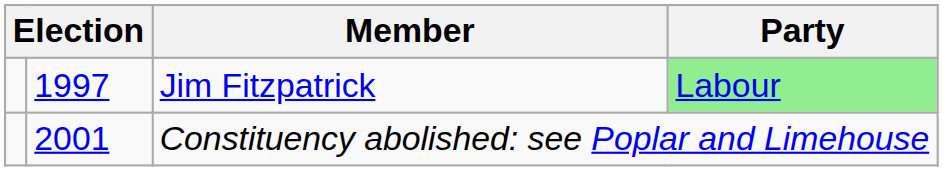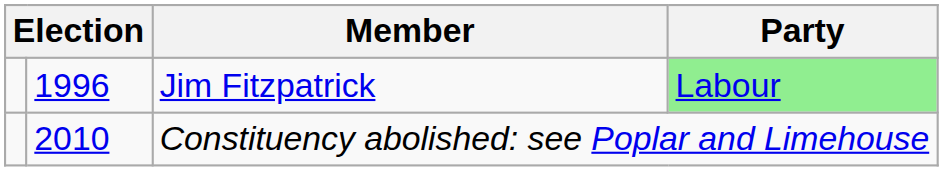 <table class="wikitable">
 <tr>
 <th colspan="2">Election</th>
 <th>Member </th>
 <th>Party</th>
 </tr>
 <tr>
 <td style="color:inherit;background-color: "></td>
-<td><a href='#'>1997</a></td>
+<td><a href='#'>1996</a></td>
 <td><a href='#'>Jim Fitzpatrick</a></td>
 <td style="background: lightgreen;"><a href='#'>Labour</a></td>
 </tr>
 <tr>
 <td></td>
-<td><a href='#'>2001</a></td>
+<td><a href='#'>2010</a></td>
 <td colspan="2"><em>Constituency abolished: see <a href='#'>Poplar and Limehouse</a></em></td>
 </tr>
 </table>
